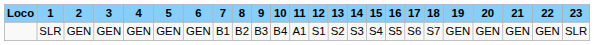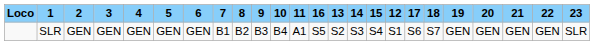 <table class="wikitable plainrowheaders unsortable" style="text-align:center">
 <tr>
 <th scope="col" rowspan="1" style="background:lightskyblue;">Loco</th>
 <th scope="col" rowspan="1" style="background:lightskyblue;">1</th>
 <th scope="col" rowspan="1" style="background:lightskyblue;">2</th>
 <th scope="col" rowspan="1" style="background:lightskyblue;">3</th>
 <th scope="col" rowspan="1" style="background:lightskyblue;">4</th>
 <th scope="col" rowspan="1" style="background:lightskyblue;">5</th>
 <th scope="col" rowspan="1" style="background:lightskyblue;">6</th>
 <th scope="col" rowspan="1" style="background:lightskyblue;">7</th>
 <th scope="col" rowspan="1" style="background:lightskyblue;">8</th>
 <th scope="col" rowspan="1" style="background:lightskyblue;">9</th>
 <th scope="col" rowspan="1" style="background:lightskyblue;">10</th>
 <th scope="col" rowspan="1" style="background:lightskyblue;">11</th>
-<th scope="col" rowspan="1" style="background:lightskyblue;">12</th>
+<th scope="col" rowspan="1" style="background:lightskyblue;">16</th>
 <th scope="col" rowspan="1" style="background:lightskyblue;">13</th>
 <th scope="col" rowspan="1" style="background:lightskyblue;">14</th>
 <th scope="col" rowspan="1" style="background:lightskyblue;">15</th>
-<th scope="col" rowspan="1" style="background:lightskyblue;">16</th>
+<th scope="col" rowspan="1" style="background:lightskyblue;">12</th>
 <th scope="col" rowspan="1" style="background:lightskyblue;">17</th>
 <th scope="col" rowspan="1" style="background:lightskyblue;">18</th>
 <th scope="col" rowspan="1" style="background:lightskyblue;">19</th>
 <th scope="col" rowspan="1" style="background:lightskyblue;">20</th>
 <th scope="col" rowspan="1" style="background:lightskyblue;">21</th>
 <th scope="col" rowspan="1" style="background:lightskyblue;">22</th>
 <th scope="col" rowspan="1" style="background:lightskyblue;">23</th>
 </tr>
 <tr>
 <td></td>
 <td>SLR</td>
 <td>GEN</td>
 <td>GEN</td>
 <td>GEN</td>
 <td>GEN</td>
 <td>GEN</td>
 <td>B1</td>
 <td>B2</td>
 <td>B3</td>
 <td>B4</td>
 <td>A1</td>
-<td>S1</td>
+<td>S5</td>
 <td>S2</td>
 <td>S3</td>
 <td>S4</td>
-<td>S5</td>
+<td>S1</td>
 <td>S6</td>
 <td>S7</td>
 <td>GEN</td>
 <td>GEN</td>
 <td>GEN</td>
 <td>GEN</td>
 <td>SLR</td>
 </tr>
 </table>
